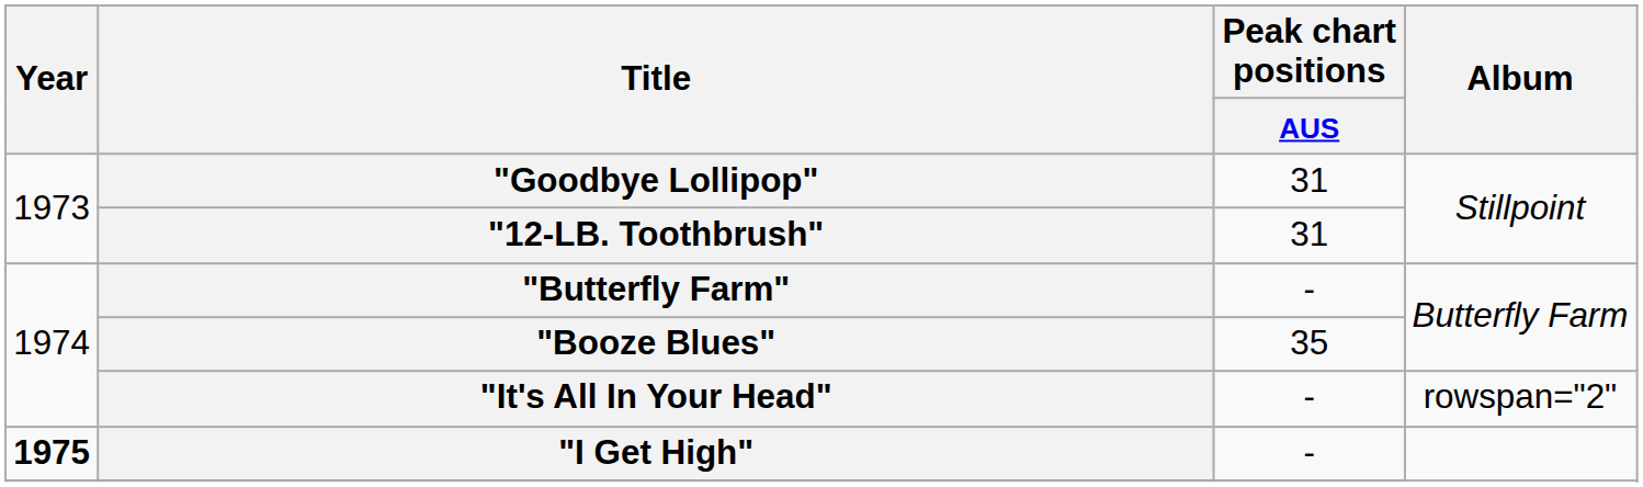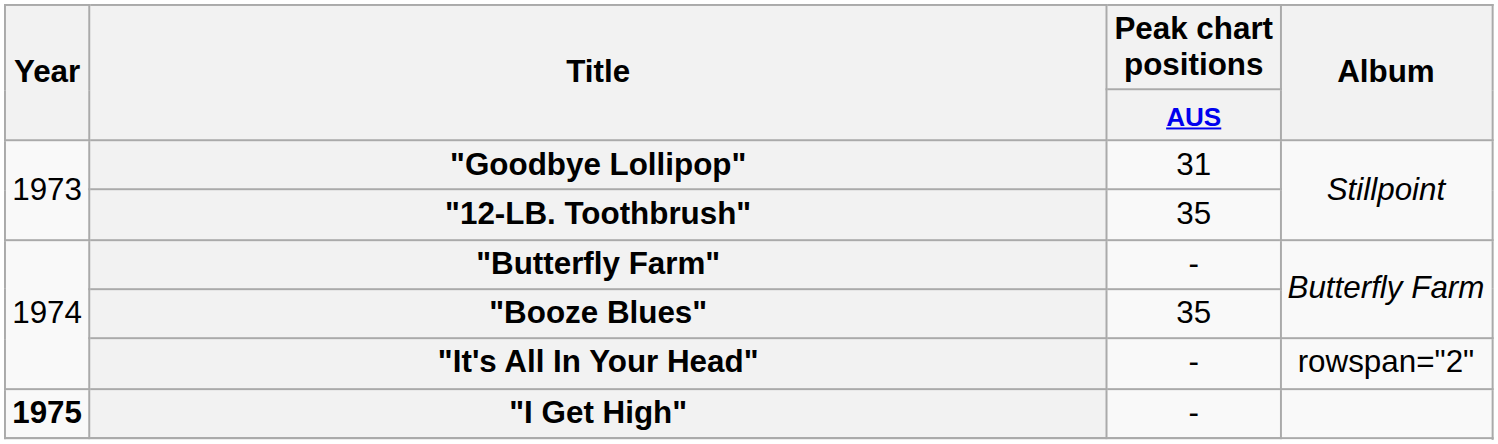 <table class="wikitable plainrowheaders" style="text-align:center;" border="1">
 <tr>
 <th scope="col" rowspan="2">Year</th>
 <th scope="col" rowspan="2" style="width:32em;">Title</th>
 <th scope="col" colspan="1">Peak chart<br>positions</th>
 <th scope="col" rowspan="2">Album</th>
 </tr>
 <tr>
 <th scope="col" style="text-align:center;"><small><a href='#'>AUS</a></small><br></th>
 </tr>
 <tr>
 <td rowspan="2">1973</td>
 <th scope="row">"Goodbye Lollipop"</th>
 <td style="text-align:center;">31</td>
 <td rowspan="2"><em>Stillpoint</em></td>
 </tr>
 <tr>
 <th scope="row">"12-LB. Toothbrush"</th>
-<td style="text-align:center;">31</td>
+<td style="text-align:center;">35</td>
 </tr>
 <tr>
 <td rowspan="3">1974</td>
 <th scope="row">"Butterfly Farm"</th>
 <td style="text-align:center;">-</td>
 <td rowspan="2"><em>Butterfly Farm</em></td>
 </tr>
 <tr>
 <th scope="row">"Booze Blues"</th>
 <td style="text-align:center;">35</td>
 </tr>
 <tr>
 <th scope="row">"It's All In Your Head"</th>
 <td style="text-align:center;">-</td>
 <td>rowspan="2" </td>
 </tr>
 <tr>
 <td><strong>1975</strong></td>
 <th scope="row">"I Get High"</th>
 <td style="text-align:center;">-</td>
 </tr>
 <tr>
 </tr>
 </table>
